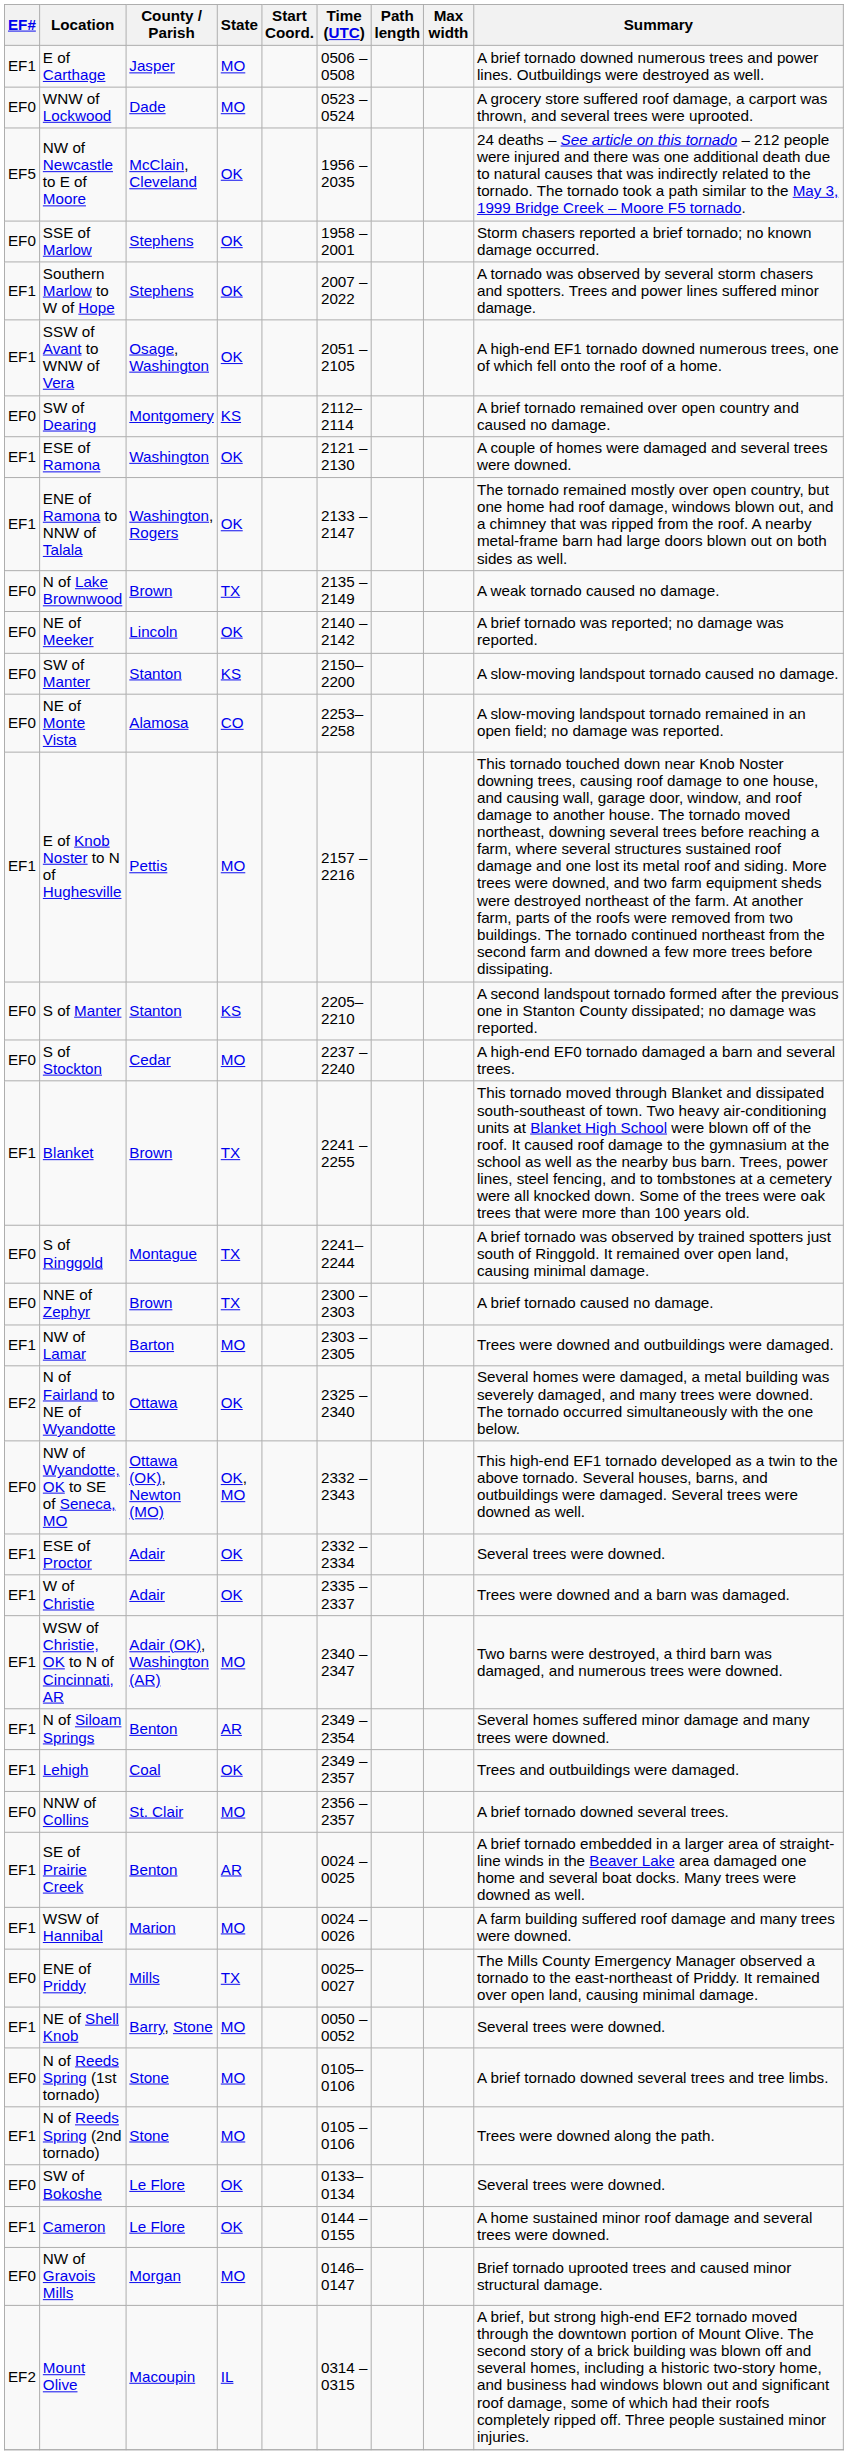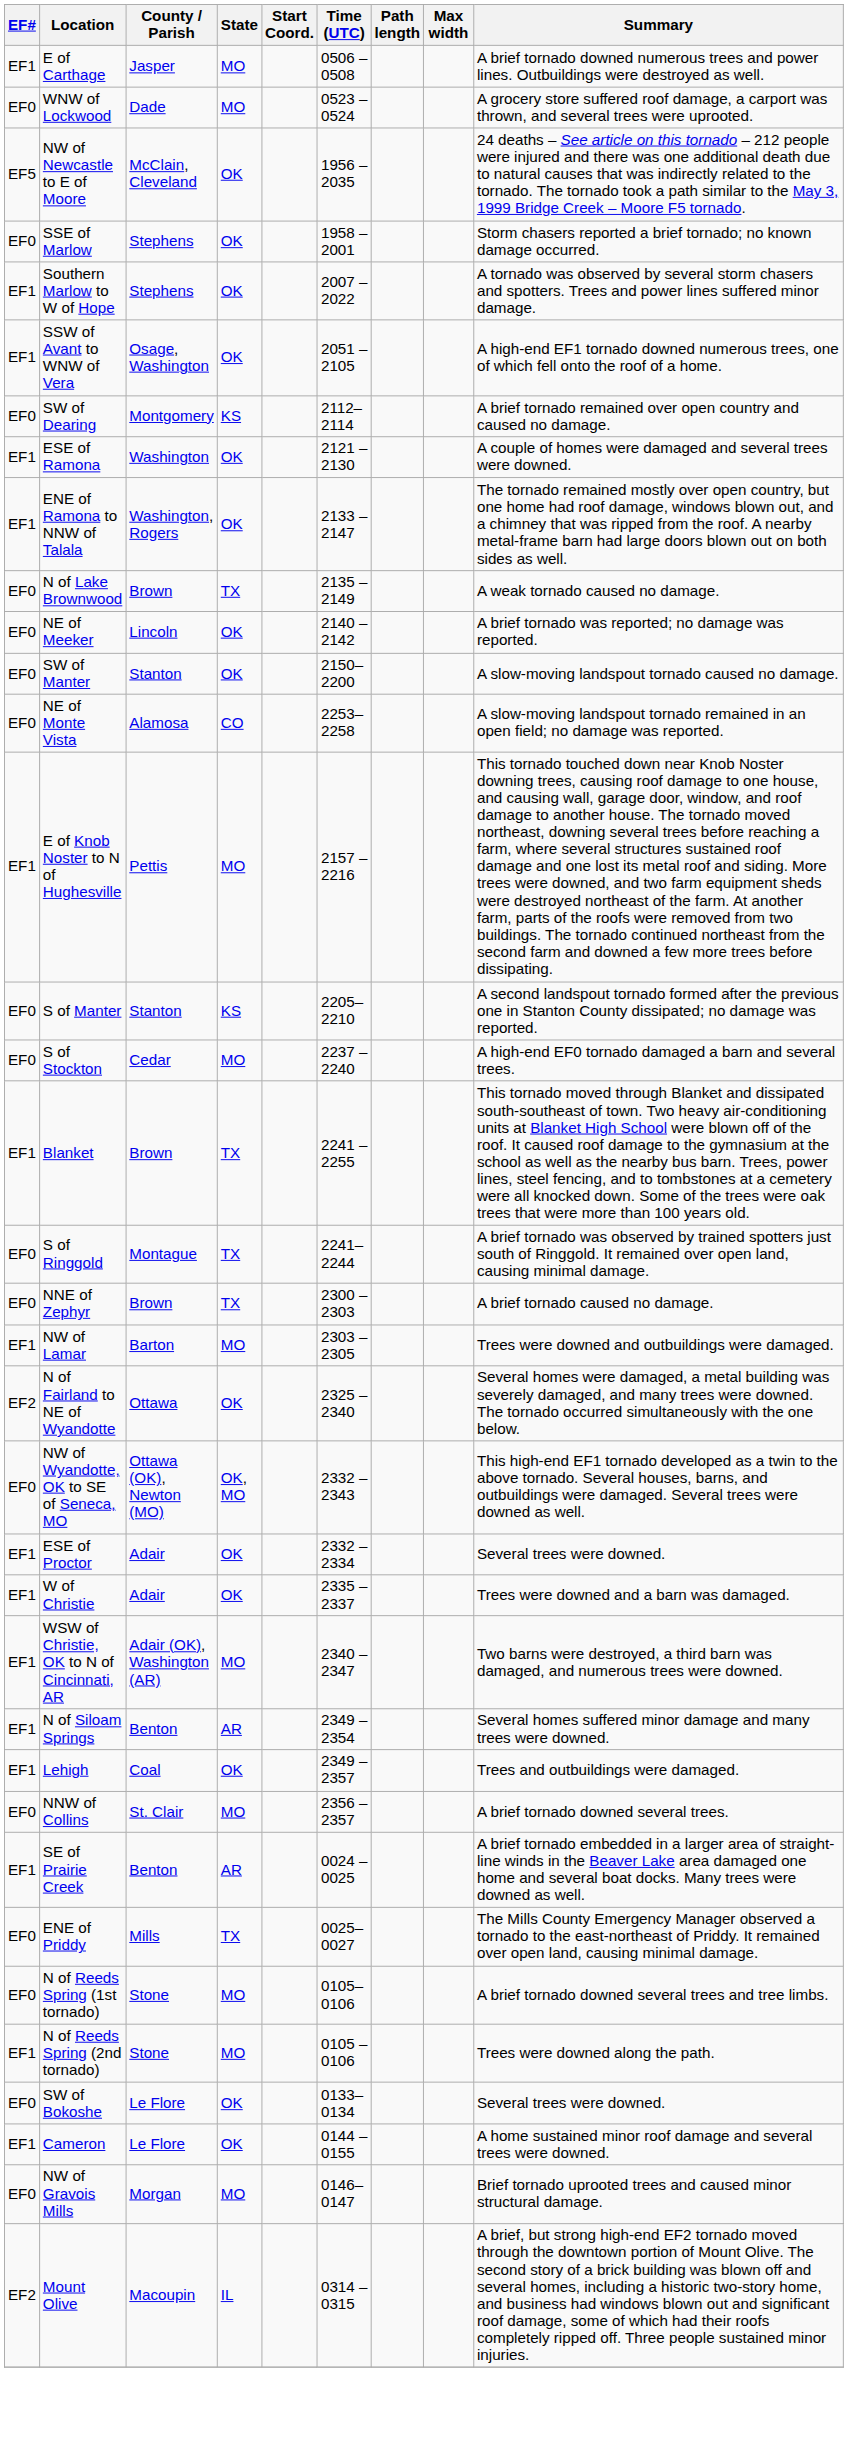 <table class="wikitable sortable" style="width:100%;">
 <tr>
 <th scope="col" width="3%" align="center"><a href='#'>EF#</a></th>
 <th scope="col" width="7%" align="center" class="unsortable">Location</th>
 <th scope="col" width="6%" align="center" class="unsortable">County / Parish</th>
 <th scope="col" width="5%" align="center">State</th>
 <th scope="col" width="6%" align="center">Start Coord.</th>
 <th scope="col" width="6%" align="center">Time (<a href='#'>UTC</a>)</th>
 <th scope="col" width="6%" align="center">Path length</th>
 <th scope="col" width="6%" align="center">Max width</th>
 <th scope="col" width="48%" class="unsortable" align="center">Summary</th>
 </tr>
 <tr>
 <td>EF1</td>
 <td>E of <a href='#'>Carthage</a></td>
 <td><a href='#'>Jasper</a></td>
 <td><a href='#'>MO</a></td>
 <td></td>
 <td>0506 – 0508</td>
 <td></td>
 <td></td>
 <td>A brief tornado downed numerous trees and power lines. Outbuildings were destroyed as well.</td>
 </tr>
 <tr>
 <td>EF0</td>
 <td>WNW of <a href='#'>Lockwood</a></td>
 <td><a href='#'>Dade</a></td>
 <td><a href='#'>MO</a></td>
 <td></td>
 <td>0523 – 0524</td>
 <td></td>
 <td></td>
 <td>A grocery store suffered roof damage, a carport was thrown, and several trees were uprooted.</td>
 </tr>
 <tr>
 <td>EF5</td>
 <td>NW of <a href='#'>Newcastle</a> to E of <a href='#'>Moore</a></td>
 <td><a href='#'>McClain</a>, <a href='#'>Cleveland</a></td>
 <td><a href='#'>OK</a></td>
 <td></td>
 <td>1956 – 2035</td>
 <td></td>
 <td></td>
 <td>24 deaths – <em><a href='#'>See article on this tornado</a></em> – 212 people were injured and there was one additional death due to natural causes that was indirectly related to the tornado. The tornado took a path similar to the <a href='#'>May 3, 1999 Bridge Creek – Moore F5 tornado</a>.</td>
 </tr>
 <tr>
 <td>EF0</td>
 <td>SSE of <a href='#'>Marlow</a></td>
 <td><a href='#'>Stephens</a></td>
 <td><a href='#'>OK</a></td>
 <td></td>
 <td>1958 – 2001</td>
 <td></td>
 <td></td>
 <td>Storm chasers reported a brief tornado; no known damage occurred.</td>
 </tr>
 <tr>
 <td>EF1</td>
 <td>Southern <a href='#'>Marlow</a> to W of <a href='#'>Hope</a></td>
 <td><a href='#'>Stephens</a></td>
 <td><a href='#'>OK</a></td>
 <td></td>
 <td>2007 – 2022</td>
 <td></td>
 <td></td>
 <td>A tornado was observed by several storm chasers and spotters. Trees and power lines suffered minor damage.</td>
 </tr>
 <tr>
 <td>EF1</td>
 <td>SSW of <a href='#'>Avant</a> to WNW of <a href='#'>Vera</a></td>
 <td><a href='#'>Osage</a>, <a href='#'>Washington</a></td>
 <td><a href='#'>OK</a></td>
 <td></td>
 <td>2051 – 2105</td>
 <td></td>
 <td></td>
 <td>A high-end EF1 tornado downed numerous trees, one of which fell onto the roof of a home.</td>
 </tr>
 <tr>
 <td>EF0</td>
 <td>SW of <a href='#'>Dearing</a></td>
 <td><a href='#'>Montgomery</a></td>
 <td><a href='#'>KS</a></td>
 <td></td>
 <td>2112–2114</td>
 <td></td>
 <td></td>
 <td>A brief tornado remained over open country and caused no damage.</td>
 </tr>
 <tr>
 <td>EF1</td>
 <td>ESE of <a href='#'>Ramona</a></td>
 <td><a href='#'>Washington</a></td>
 <td><a href='#'>OK</a></td>
 <td></td>
 <td>2121 – 2130</td>
 <td></td>
 <td></td>
 <td>A couple of homes were damaged and several trees were downed.</td>
 </tr>
 <tr>
 <td>EF1</td>
 <td>ENE of <a href='#'>Ramona</a> to NNW of <a href='#'>Talala</a></td>
 <td><a href='#'>Washington</a>, <a href='#'>Rogers</a></td>
 <td><a href='#'>OK</a></td>
 <td></td>
 <td>2133 – 2147</td>
 <td></td>
 <td></td>
 <td>The tornado remained mostly over open country, but one home had roof damage, windows blown out, and a chimney that was ripped from the roof. A nearby metal-frame barn had large doors blown out on both sides as well.</td>
 </tr>
 <tr>
 <td>EF0</td>
 <td>N of <a href='#'>Lake Brownwood</a></td>
 <td><a href='#'>Brown</a></td>
 <td><a href='#'>TX</a></td>
 <td></td>
 <td>2135 – 2149</td>
 <td></td>
 <td></td>
 <td>A weak tornado caused no damage.</td>
 </tr>
 <tr>
 <td>EF0</td>
 <td>NE of <a href='#'>Meeker</a></td>
 <td><a href='#'>Lincoln</a></td>
 <td><a href='#'>OK</a></td>
 <td></td>
 <td>2140 – 2142</td>
 <td></td>
 <td></td>
 <td>A brief tornado was reported; no damage was reported.</td>
 </tr>
 <tr>
 <td>EF0</td>
 <td>SW of <a href='#'>Manter</a></td>
 <td><a href='#'>Stanton</a></td>
-<td><a href='#'>KS</a></td>
+<td><a href='#'>OK</a></td>
 <td></td>
 <td>2150–2200</td>
 <td></td>
 <td></td>
 <td>A slow-moving landspout tornado caused no damage.</td>
 </tr>
 <tr>
 <td>EF0</td>
 <td>NE of <a href='#'>Monte Vista</a></td>
 <td><a href='#'>Alamosa</a></td>
 <td><a href='#'>CO</a></td>
 <td></td>
 <td>2253–2258</td>
 <td></td>
 <td></td>
 <td>A slow-moving landspout tornado remained in an open field; no damage was reported.</td>
 </tr>
 <tr>
 <td>EF1</td>
 <td>E of <a href='#'>Knob Noster</a> to N of <a href='#'>Hughesville</a></td>
 <td><a href='#'>Pettis</a></td>
 <td><a href='#'>MO</a></td>
 <td></td>
 <td>2157 – 2216</td>
 <td></td>
 <td></td>
 <td>This tornado touched down near Knob Noster downing trees, causing roof damage to one house, and causing wall, garage door, window, and roof damage to another house. The tornado moved northeast, downing several trees before reaching a farm, where several structures sustained roof damage and one lost its metal roof and siding. More trees were downed, and two farm equipment sheds were destroyed northeast of the farm. At another farm, parts of the roofs were removed from two buildings. The tornado continued northeast from the second farm and downed a few more trees before dissipating.</td>
 </tr>
 <tr>
 <td>EF0</td>
 <td>S of <a href='#'>Manter</a></td>
 <td><a href='#'>Stanton</a></td>
 <td><a href='#'>KS</a></td>
 <td></td>
 <td>2205–2210</td>
 <td></td>
 <td></td>
 <td>A second landspout tornado formed after the previous one in Stanton County dissipated; no damage was reported.</td>
 </tr>
 <tr>
 <td>EF0</td>
 <td>S of <a href='#'>Stockton</a></td>
 <td><a href='#'>Cedar</a></td>
 <td><a href='#'>MO</a></td>
 <td></td>
 <td>2237 – 2240</td>
 <td></td>
 <td></td>
 <td>A high-end EF0 tornado damaged a barn and several trees.</td>
 </tr>
 <tr>
 <td>EF1</td>
 <td><a href='#'>Blanket</a></td>
 <td><a href='#'>Brown</a></td>
 <td><a href='#'>TX</a></td>
 <td></td>
 <td>2241 – 2255</td>
 <td></td>
 <td></td>
 <td>This tornado moved through Blanket and dissipated south-southeast of town. Two heavy air-conditioning units at <a href='#'>Blanket High School</a> were blown off of the roof. It caused roof damage to the gymnasium at the school as well as the nearby bus barn. Trees, power lines, steel fencing, and to tombstones at a cemetery were all knocked down. Some of the trees were oak trees that were more than 100 years old.</td>
 </tr>
 <tr>
 <td>EF0</td>
 <td>S of <a href='#'>Ringgold</a></td>
 <td><a href='#'>Montague</a></td>
 <td><a href='#'>TX</a></td>
 <td></td>
 <td>2241–2244</td>
 <td></td>
 <td></td>
 <td>A brief tornado was observed by trained spotters just south of Ringgold. It remained over open land, causing minimal damage.</td>
 </tr>
 <tr>
 <td>EF0</td>
 <td>NNE of <a href='#'>Zephyr</a></td>
 <td><a href='#'>Brown</a></td>
 <td><a href='#'>TX</a></td>
 <td></td>
 <td>2300 – 2303</td>
 <td></td>
 <td></td>
 <td>A brief tornado caused  no damage.</td>
 </tr>
 <tr>
 <td>EF1</td>
 <td>NW of <a href='#'>Lamar</a></td>
 <td><a href='#'>Barton</a></td>
 <td><a href='#'>MO</a></td>
 <td></td>
 <td>2303 – 2305</td>
 <td></td>
 <td></td>
 <td>Trees were downed and outbuildings were damaged.</td>
 </tr>
 <tr>
 <td>EF2</td>
 <td>N of <a href='#'>Fairland</a> to NE of <a href='#'>Wyandotte</a></td>
 <td><a href='#'>Ottawa</a></td>
 <td><a href='#'>OK</a></td>
 <td></td>
 <td>2325 – 2340</td>
 <td></td>
 <td></td>
 <td>Several homes were damaged, a metal building was severely damaged, and many trees were downed. The tornado occurred simultaneously with the one below.</td>
 </tr>
 <tr>
 <td>EF0</td>
 <td>NW of <a href='#'>Wyandotte, OK</a> to SE of <a href='#'>Seneca, MO</a></td>
 <td><a href='#'>Ottawa (OK)</a>, <a href='#'>Newton (MO)</a></td>
 <td><a href='#'>OK</a>, <a href='#'>MO</a></td>
 <td></td>
 <td>2332 – 2343</td>
 <td></td>
 <td></td>
 <td>This high-end EF1 tornado developed as a twin to the above tornado. Several houses, barns, and outbuildings were damaged. Several trees were downed as well.</td>
 </tr>
 <tr>
 <td>EF1</td>
 <td>ESE of <a href='#'>Proctor</a></td>
 <td><a href='#'>Adair</a></td>
 <td><a href='#'>OK</a></td>
 <td></td>
 <td>2332 – 2334</td>
 <td></td>
 <td></td>
 <td>Several trees were downed.</td>
 </tr>
 <tr>
 <td>EF1</td>
 <td>W of <a href='#'>Christie</a></td>
 <td><a href='#'>Adair</a></td>
 <td><a href='#'>OK</a></td>
 <td></td>
 <td>2335 – 2337</td>
 <td></td>
 <td></td>
 <td>Trees were downed and a barn was damaged.</td>
 </tr>
 <tr>
 <td>EF1</td>
 <td>WSW of <a href='#'>Christie, OK</a> to N of <a href='#'>Cincinnati, AR</a></td>
 <td><a href='#'>Adair (OK)</a>, <a href='#'>Washington (AR)</a></td>
 <td><a href='#'>MO</a></td>
 <td></td>
 <td>2340 – 2347</td>
 <td></td>
 <td></td>
 <td>Two barns were destroyed, a third barn was damaged, and numerous trees were downed.</td>
 </tr>
 <tr>
 <td>EF1</td>
 <td>N of <a href='#'>Siloam Springs</a></td>
 <td><a href='#'>Benton</a></td>
 <td><a href='#'>AR</a></td>
 <td></td>
 <td>2349 – 2354</td>
 <td></td>
 <td></td>
 <td>Several homes suffered minor damage and many trees were downed.</td>
 </tr>
 <tr>
 <td>EF1</td>
 <td><a href='#'>Lehigh</a></td>
 <td><a href='#'>Coal</a></td>
 <td><a href='#'>OK</a></td>
 <td></td>
 <td>2349 – 2357</td>
 <td></td>
 <td></td>
 <td>Trees and outbuildings were damaged.</td>
 </tr>
 <tr>
 <td>EF0</td>
 <td>NNW of <a href='#'>Collins</a></td>
 <td><a href='#'>St. Clair</a></td>
 <td><a href='#'>MO</a></td>
 <td></td>
 <td>2356 – 2357</td>
 <td></td>
 <td></td>
 <td>A brief tornado downed several trees.</td>
 </tr>
 <tr>
 <td>EF1</td>
 <td>SE of <a href='#'>Prairie Creek</a></td>
 <td><a href='#'>Benton</a></td>
 <td><a href='#'>AR</a></td>
 <td></td>
 <td>0024 – 0025</td>
 <td></td>
 <td></td>
 <td>A brief tornado embedded in a larger area of straight-line winds in the <a href='#'>Beaver Lake</a> area damaged one home and several boat docks. Many trees were downed as well.</td>
 </tr>
 <tr>
-<td>EF1</td>
-<td>WSW of <a href='#'>Hannibal</a></td>
-<td><a href='#'>Marion</a></td>
-<td><a href='#'>MO</a></td>
-<td></td>
-<td>0024 – 0026</td>
-<td></td>
-<td></td>
-<td>A farm building suffered roof damage and many trees were downed.</td>
-</tr>
-<tr>
 <td>EF0</td>
 <td>ENE of <a href='#'>Priddy</a></td>
 <td><a href='#'>Mills</a></td>
 <td><a href='#'>TX</a></td>
 <td></td>
 <td>0025–0027</td>
 <td></td>
 <td></td>
 <td>The Mills County Emergency Manager observed a tornado to the east-northeast of Priddy. It remained over open land, causing minimal damage.</td>
-</tr>
-<tr>
-<td>EF1</td>
-<td>NE of <a href='#'>Shell Knob</a></td>
-<td><a href='#'>Barry</a>, <a href='#'>Stone</a></td>
-<td><a href='#'>MO</a></td>
-<td></td>
-<td>0050 – 0052</td>
-<td></td>
-<td></td>
-<td>Several trees were downed.</td>
 </tr>
 <tr>
 <td>EF0</td>
 <td>N of <a href='#'>Reeds Spring</a> (1st tornado)</td>
 <td><a href='#'>Stone</a></td>
 <td><a href='#'>MO</a></td>
 <td></td>
 <td>0105–0106</td>
 <td></td>
 <td></td>
 <td>A brief tornado downed several trees and tree limbs.</td>
 </tr>
 <tr>
 <td>EF1</td>
 <td>N of <a href='#'>Reeds Spring</a> (2nd tornado)</td>
 <td><a href='#'>Stone</a></td>
 <td><a href='#'>MO</a></td>
 <td></td>
 <td>0105 – 0106</td>
 <td></td>
 <td></td>
 <td>Trees were downed along the path.</td>
 </tr>
 <tr>
 <td>EF0</td>
 <td>SW of <a href='#'>Bokoshe</a></td>
 <td><a href='#'>Le Flore</a></td>
 <td><a href='#'>OK</a></td>
 <td></td>
 <td>0133–0134</td>
 <td></td>
 <td></td>
 <td>Several trees were downed.</td>
 </tr>
 <tr>
 <td>EF1</td>
 <td><a href='#'>Cameron</a></td>
 <td><a href='#'>Le Flore</a></td>
 <td><a href='#'>OK</a></td>
 <td></td>
 <td>0144 – 0155</td>
 <td></td>
 <td></td>
 <td>A home sustained minor roof damage and several trees were downed.</td>
 </tr>
 <tr>
 <td>EF0</td>
 <td>NW of <a href='#'>Gravois Mills</a></td>
 <td><a href='#'>Morgan</a></td>
 <td><a href='#'>MO</a></td>
 <td></td>
 <td>0146–0147</td>
 <td></td>
 <td></td>
 <td>Brief tornado uprooted trees and caused minor structural damage.</td>
 </tr>
 <tr>
 <td>EF2</td>
 <td><a href='#'>Mount Olive</a></td>
 <td><a href='#'>Macoupin</a></td>
 <td><a href='#'>IL</a></td>
 <td></td>
 <td>0314 – 0315</td>
 <td></td>
 <td></td>
 <td>A brief, but strong high-end EF2 tornado moved through the downtown portion of Mount Olive. The second story of a brick building was blown off and several homes, including a historic two-story home, and business had windows blown out and significant roof damage, some of which had their roofs completely ripped off. Three people sustained minor injuries.</td>
 </tr>
 <tr>
 </tr>
 </table>
